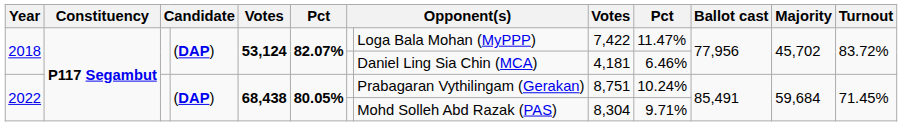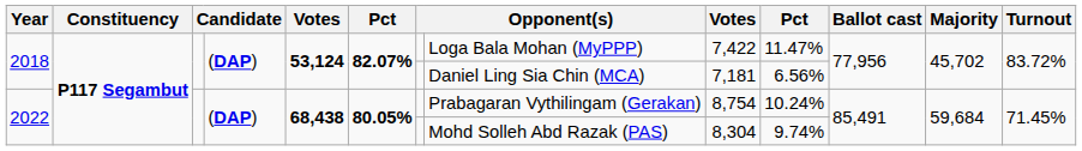 <table class="wikitable" style="margin:0.5em ; font-size:95%">
 <tr>
 <th>Year</th>
 <th>Constituency</th>
 <th colspan=2>Candidate</th>
 <th>Votes</th>
 <th>Pct</th>
 <th colspan=2>Opponent(s)</th>
 <th>Votes</th>
 <th>Pct</th>
 <th>Ballot cast</th>
 <th>Majority</th>
 <th>Turnout</th>
 </tr>
 <tr>
 <td rowspan="2"><a href='#'>2018</a></td>
 <td rowspan=4><strong>P117 <a href='#'>Segambut</a></strong></td>
 <td rowspan="2" ></td>
 <td rowspan="2"> (<a href='#'><strong>DAP</strong></a>)</td>
 <td rowspan="2" align=right><strong>53,124</strong></td>
 <td rowspan="2"><strong>82.07%</strong></td>
 <td></td>
 <td>Loga Bala Mohan  (<a href='#'>MyPPP</a>)</td>
 <td align=right>7,422</td>
 <td>11.47%</td>
 <td rowspan="2">77,956</td>
 <td rowspan="2">45,702</td>
 <td rowspan="2">83.72%</td>
 </tr>
 <tr>
 <td></td>
 <td>Daniel Ling Sia Chin (<a href='#'>MCA</a>)</td>
-<td align=right>4,181</td>
-<td align=right>6.46%</td>
+<td align=right>7,181</td>
+<td align=right>6.56%</td>
 </tr>
 <tr>
 <td rowspan="2"><a href='#'>2022</a></td>
 <td rowspan="2" ></td>
 <td rowspan="2"> (<a href='#'><strong>DAP</strong></a>)</td>
 <td rowspan="2" align=right><strong>68,438</strong></td>
 <td rowspan="2"><strong>80.05%</strong></td>
 <td></td>
 <td>Prabagaran Vythilingam (<a href='#'>Gerakan</a>)</td>
-<td align=right>8,751</td>
+<td align=right>8,754</td>
 <td>10.24%</td>
 <td rowspan="2">85,491</td>
 <td rowspan="2">59,684</td>
 <td rowspan="2">71.45%</td>
 </tr>
 <tr>
 <td></td>
 <td>Mohd Solleh Abd Razak (<a href='#'>PAS</a>)</td>
 <td align=right>8,304</td>
-<td align=right>9.71%</td>
+<td align=right>9.74%</td>
 </tr>
 </table>
